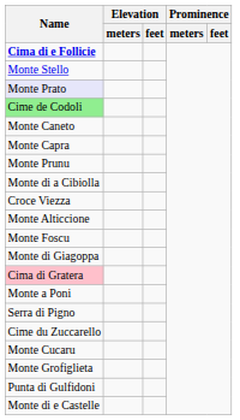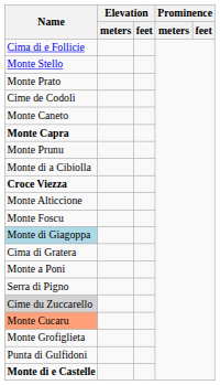 <table class="wikitable sortable">
 <tr>
 <th rowspan=2>Name</th>
 <th colspan=2>Elevation</th>
 <th colspan=2>Prominence</th>
 </tr>
 <tr>
 <th>meters</th>
 <th>feet</th>
 <th>meters</th>
 <th>feet</th>
 </tr>
 <tr>
-<td><strong><a href='#'>Cima di e Follicie</a></strong></td>
+<td><a href='#'>Cima di e Follicie</a></td>
 <td></td>
 <td></td>
 </tr>
 <tr>
 <td><a href='#'>Monte Stello</a></td>
 <td></td>
 <td></td>
 </tr>
 <tr>
-<td style="background: lavender;">Monte Prato</td>
+<td>Monte Prato</td>
 <td></td>
 <td></td>
 </tr>
 <tr>
-<td style="background: lightgreen;">Cime de Codoli</td>
+<td>Cime de Codoli</td>
 <td></td>
 <td></td>
 </tr>
 <tr>
 <td>Monte Caneto</td>
 <td></td>
 <td></td>
 </tr>
 <tr>
-<td>Monte Capra</td>
+<td><strong>Monte Capra</strong></td>
 <td></td>
 <td></td>
 </tr>
 <tr>
 <td>Monte Prunu</td>
 <td></td>
 <td></td>
 </tr>
 <tr>
 <td>Monte di a Cibiolla</td>
 <td></td>
 <td></td>
 </tr>
 <tr>
-<td>Croce Viezza</td>
+<td><strong>Croce Viezza</strong></td>
 <td></td>
 <td></td>
 </tr>
 <tr>
 <td>Monte Alticcione</td>
 <td></td>
 <td></td>
 </tr>
 <tr>
 <td>Monte Foscu</td>
 <td></td>
 <td></td>
 </tr>
 <tr>
-<td>Monte di Giagoppa</td>
+<td style="background: lightblue;">Monte di Giagoppa</td>
 <td></td>
 <td></td>
 </tr>
 <tr>
-<td style="background: pink;">Cima di Gratera</td>
+<td>Cima di Gratera</td>
 <td></td>
 <td></td>
 </tr>
 <tr>
 <td>Monte a Poni</td>
 <td></td>
 <td></td>
 </tr>
 <tr>
 <td>Serra di Pigno</td>
 <td></td>
 <td></td>
 </tr>
 <tr>
-<td>Cime du Zuccarello</td>
+<td style="background: lightgrey;">Cime du Zuccarello</td>
 <td></td>
 <td></td>
 </tr>
 <tr>
-<td>Monte Cucaru</td>
+<td style="background: lightsalmon;">Monte Cucaru</td>
 <td></td>
 <td></td>
 </tr>
 <tr>
 <td>Monte Grofiglieta</td>
 <td></td>
 <td></td>
 </tr>
 <tr>
 <td>Punta di Gulfidoni</td>
 <td></td>
 <td></td>
 </tr>
 <tr>
-<td>Monte di e Castelle</td>
+<td><strong>Monte di e Castelle</strong></td>
 <td></td>
 <td></td>
 </tr>
 </table>
